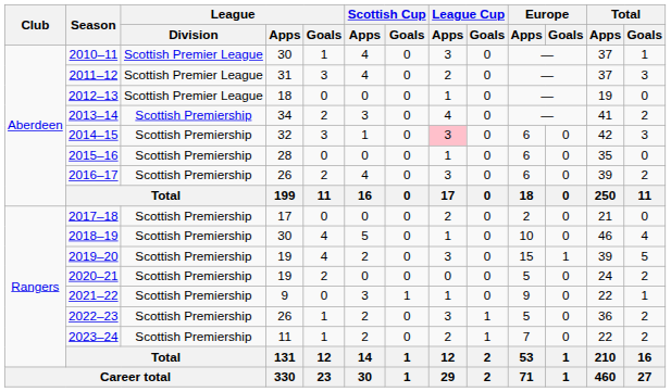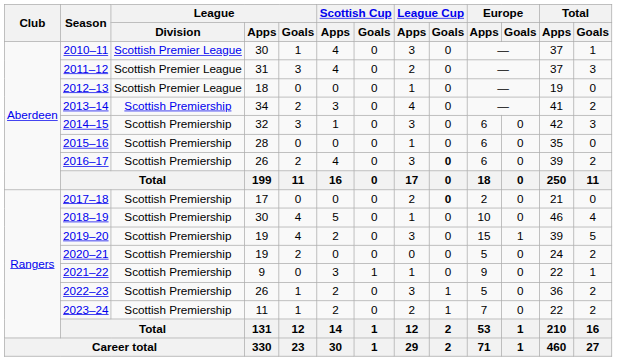 <table class="wikitable" style="text-align: center;">
 <tr>
 <th rowspan="2">Club</th>
 <th rowspan="2">Season</th>
 <th colspan="3">League</th>
 <th colspan="2"><a href='#'>Scottish Cup</a></th>
 <th colspan="2"><a href='#'>League Cup</a></th>
 <th colspan="2">Europe</th>
 <th colspan="2">Total</th>
 </tr>
 <tr>
 <th>Division</th>
 <th>Apps</th>
 <th>Goals</th>
 <th>Apps</th>
 <th>Goals</th>
 <th>Apps</th>
 <th>Goals</th>
 <th>Apps</th>
 <th>Goals</th>
 <th>Apps</th>
 <th>Goals</th>
 </tr>
 <tr>
 <td rowspan="8"><a href='#'>Aberdeen</a></td>
 <td><a href='#'>2010–11</a></td>
 <td><a href='#'>Scottish Premier League</a></td>
 <td>30</td>
 <td>1</td>
 <td>4</td>
 <td>0</td>
 <td>3</td>
 <td>0</td>
 <td colspan=2>—</td>
 <td>37</td>
 <td>1</td>
 </tr>
 <tr>
 <td><a href='#'>2011–12</a></td>
 <td>Scottish Premier League</td>
 <td>31</td>
 <td>3</td>
 <td>4</td>
 <td>0</td>
 <td>2</td>
 <td>0</td>
 <td colspan=2>—</td>
 <td>37</td>
 <td>3</td>
 </tr>
 <tr>
 <td><a href='#'>2012–13</a></td>
 <td>Scottish Premier League</td>
 <td>18</td>
 <td>0</td>
 <td>0</td>
 <td>0</td>
 <td>1</td>
 <td>0</td>
 <td colspan=2>—</td>
 <td>19</td>
 <td>0</td>
 </tr>
 <tr>
 <td><a href='#'>2013–14</a></td>
 <td><a href='#'>Scottish Premiership</a></td>
 <td>34</td>
 <td>2</td>
 <td>3</td>
 <td>0</td>
 <td>4</td>
 <td>0</td>
 <td colspan=2>—</td>
 <td>41</td>
 <td>2</td>
 </tr>
 <tr>
 <td><a href='#'>2014–15</a></td>
 <td>Scottish Premiership</td>
 <td>32</td>
 <td>3</td>
 <td>1</td>
 <td>0</td>
-<td style="background: pink;">3</td>
+<td>3</td>
 <td>0</td>
 <td>6</td>
 <td>0</td>
 <td>42</td>
 <td>3</td>
 </tr>
 <tr>
 <td><a href='#'>2015–16</a></td>
 <td>Scottish Premiership</td>
 <td>28</td>
 <td>0</td>
 <td>0</td>
 <td>0</td>
 <td>1</td>
 <td>0</td>
 <td>6</td>
 <td>0</td>
 <td>35</td>
 <td>0</td>
 </tr>
 <tr>
 <td><a href='#'>2016–17</a></td>
 <td>Scottish Premiership</td>
 <td>26</td>
 <td>2</td>
 <td>4</td>
 <td>0</td>
 <td>3</td>
-<td>0</td>
+<td><strong>0</strong></td>
 <td>6</td>
 <td>0</td>
 <td>39</td>
 <td>2</td>
 </tr>
 <tr>
 <th colspan="2">Total</th>
 <th>199</th>
 <th>11</th>
 <th>16</th>
 <th>0</th>
 <th>17</th>
 <th>0</th>
 <th>18</th>
 <th>0</th>
 <th>250</th>
 <th>11</th>
 </tr>
 <tr>
 <td rowspan=8><a href='#'>Rangers</a></td>
 <td><a href='#'>2017–18</a></td>
 <td>Scottish Premiership</td>
 <td>17</td>
 <td>0</td>
 <td>0</td>
 <td>0</td>
 <td>2</td>
-<td>0</td>
+<td><strong>0</strong></td>
 <td>2</td>
 <td>0</td>
 <td>21</td>
 <td>0</td>
 </tr>
 <tr>
 <td><a href='#'>2018–19</a></td>
 <td>Scottish Premiership</td>
 <td>30</td>
 <td>4</td>
 <td>5</td>
 <td>0</td>
 <td>1</td>
 <td>0</td>
 <td>10</td>
 <td>0</td>
 <td>46</td>
 <td>4</td>
 </tr>
 <tr>
 <td><a href='#'>2019–20</a></td>
 <td>Scottish Premiership</td>
 <td>19</td>
 <td>4</td>
 <td>2</td>
 <td>0</td>
 <td>3</td>
 <td>0</td>
 <td>15</td>
 <td>1</td>
 <td>39</td>
 <td>5</td>
 </tr>
 <tr>
 <td><a href='#'>2020–21</a></td>
 <td>Scottish Premiership</td>
 <td>19</td>
 <td>2</td>
 <td>0</td>
 <td>0</td>
 <td>0</td>
 <td>0</td>
 <td>5</td>
 <td>0</td>
 <td>24</td>
 <td>2</td>
 </tr>
 <tr>
 <td><a href='#'>2021–22</a></td>
 <td>Scottish Premiership</td>
 <td>9</td>
 <td>0</td>
 <td>3</td>
 <td>1</td>
 <td>1</td>
 <td>0</td>
 <td>9</td>
 <td>0</td>
 <td>22</td>
 <td>1</td>
 </tr>
 <tr>
 <td><a href='#'>2022–23</a></td>
 <td>Scottish Premiership</td>
 <td>26</td>
 <td>1</td>
 <td>2</td>
 <td>0</td>
 <td>3</td>
 <td>1</td>
 <td>5</td>
 <td>0</td>
 <td>36</td>
 <td>2</td>
 </tr>
 <tr>
 <td><a href='#'>2023–24</a></td>
 <td>Scottish Premiership</td>
 <td>11</td>
 <td>1</td>
 <td>2</td>
 <td>0</td>
 <td>2</td>
 <td>1</td>
 <td>7</td>
 <td>0</td>
 <td>22</td>
 <td>2</td>
 </tr>
 <tr>
 <th colspan=2>Total</th>
 <th>131</th>
 <th>12</th>
 <th>14</th>
 <th>1</th>
 <th>12</th>
 <th>2</th>
 <th>53</th>
 <th>1</th>
 <th>210</th>
 <th>16</th>
 </tr>
 <tr>
 <th colspan="3">Career total</th>
 <th>330</th>
 <th>23</th>
 <th>30</th>
 <th>1</th>
 <th>29</th>
 <th>2</th>
 <th>71</th>
 <th>1</th>
 <th>460</th>
 <th>27</th>
 </tr>
 </table>
